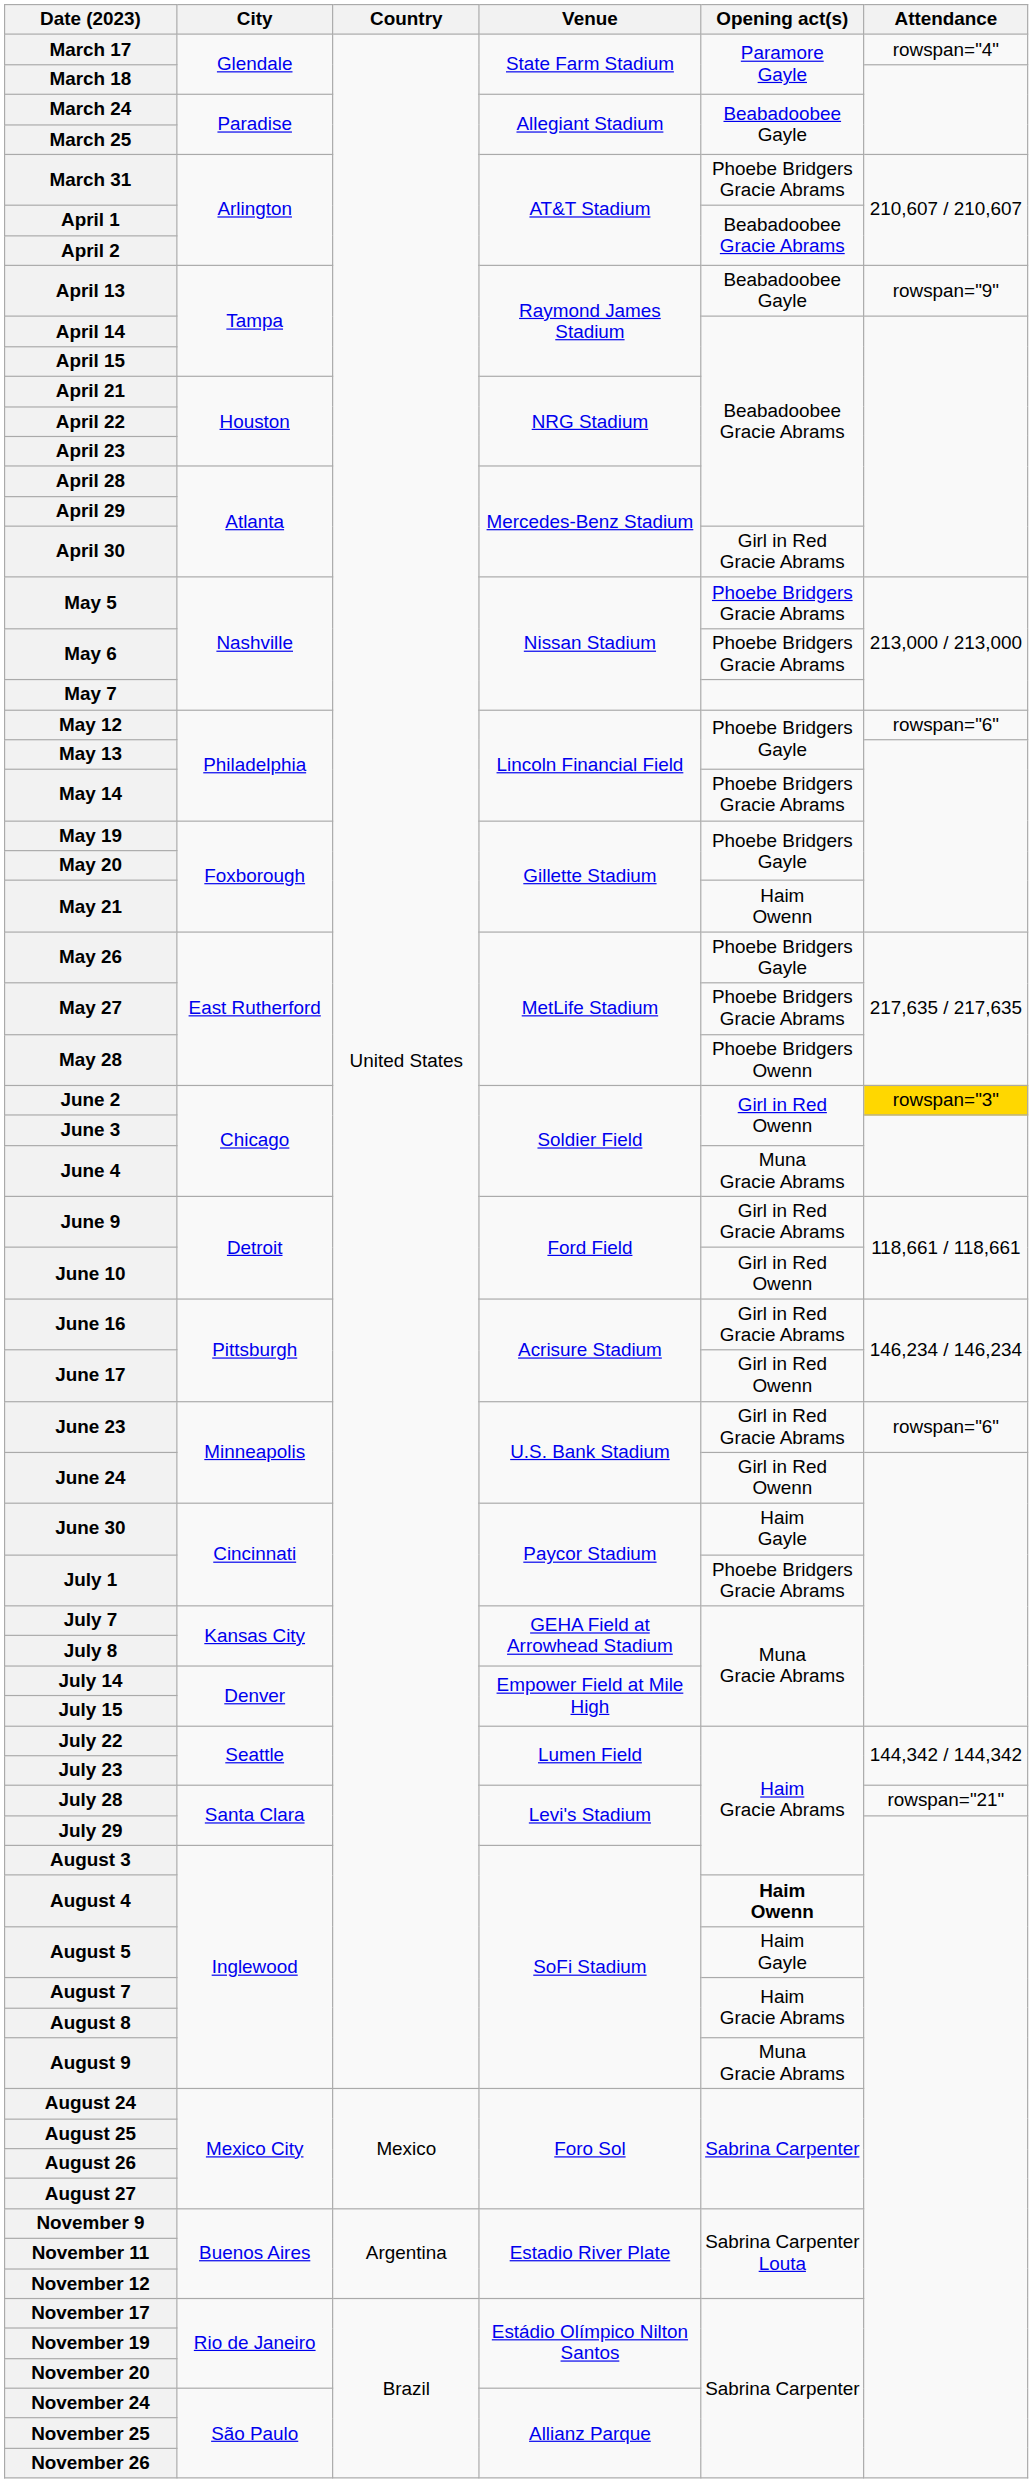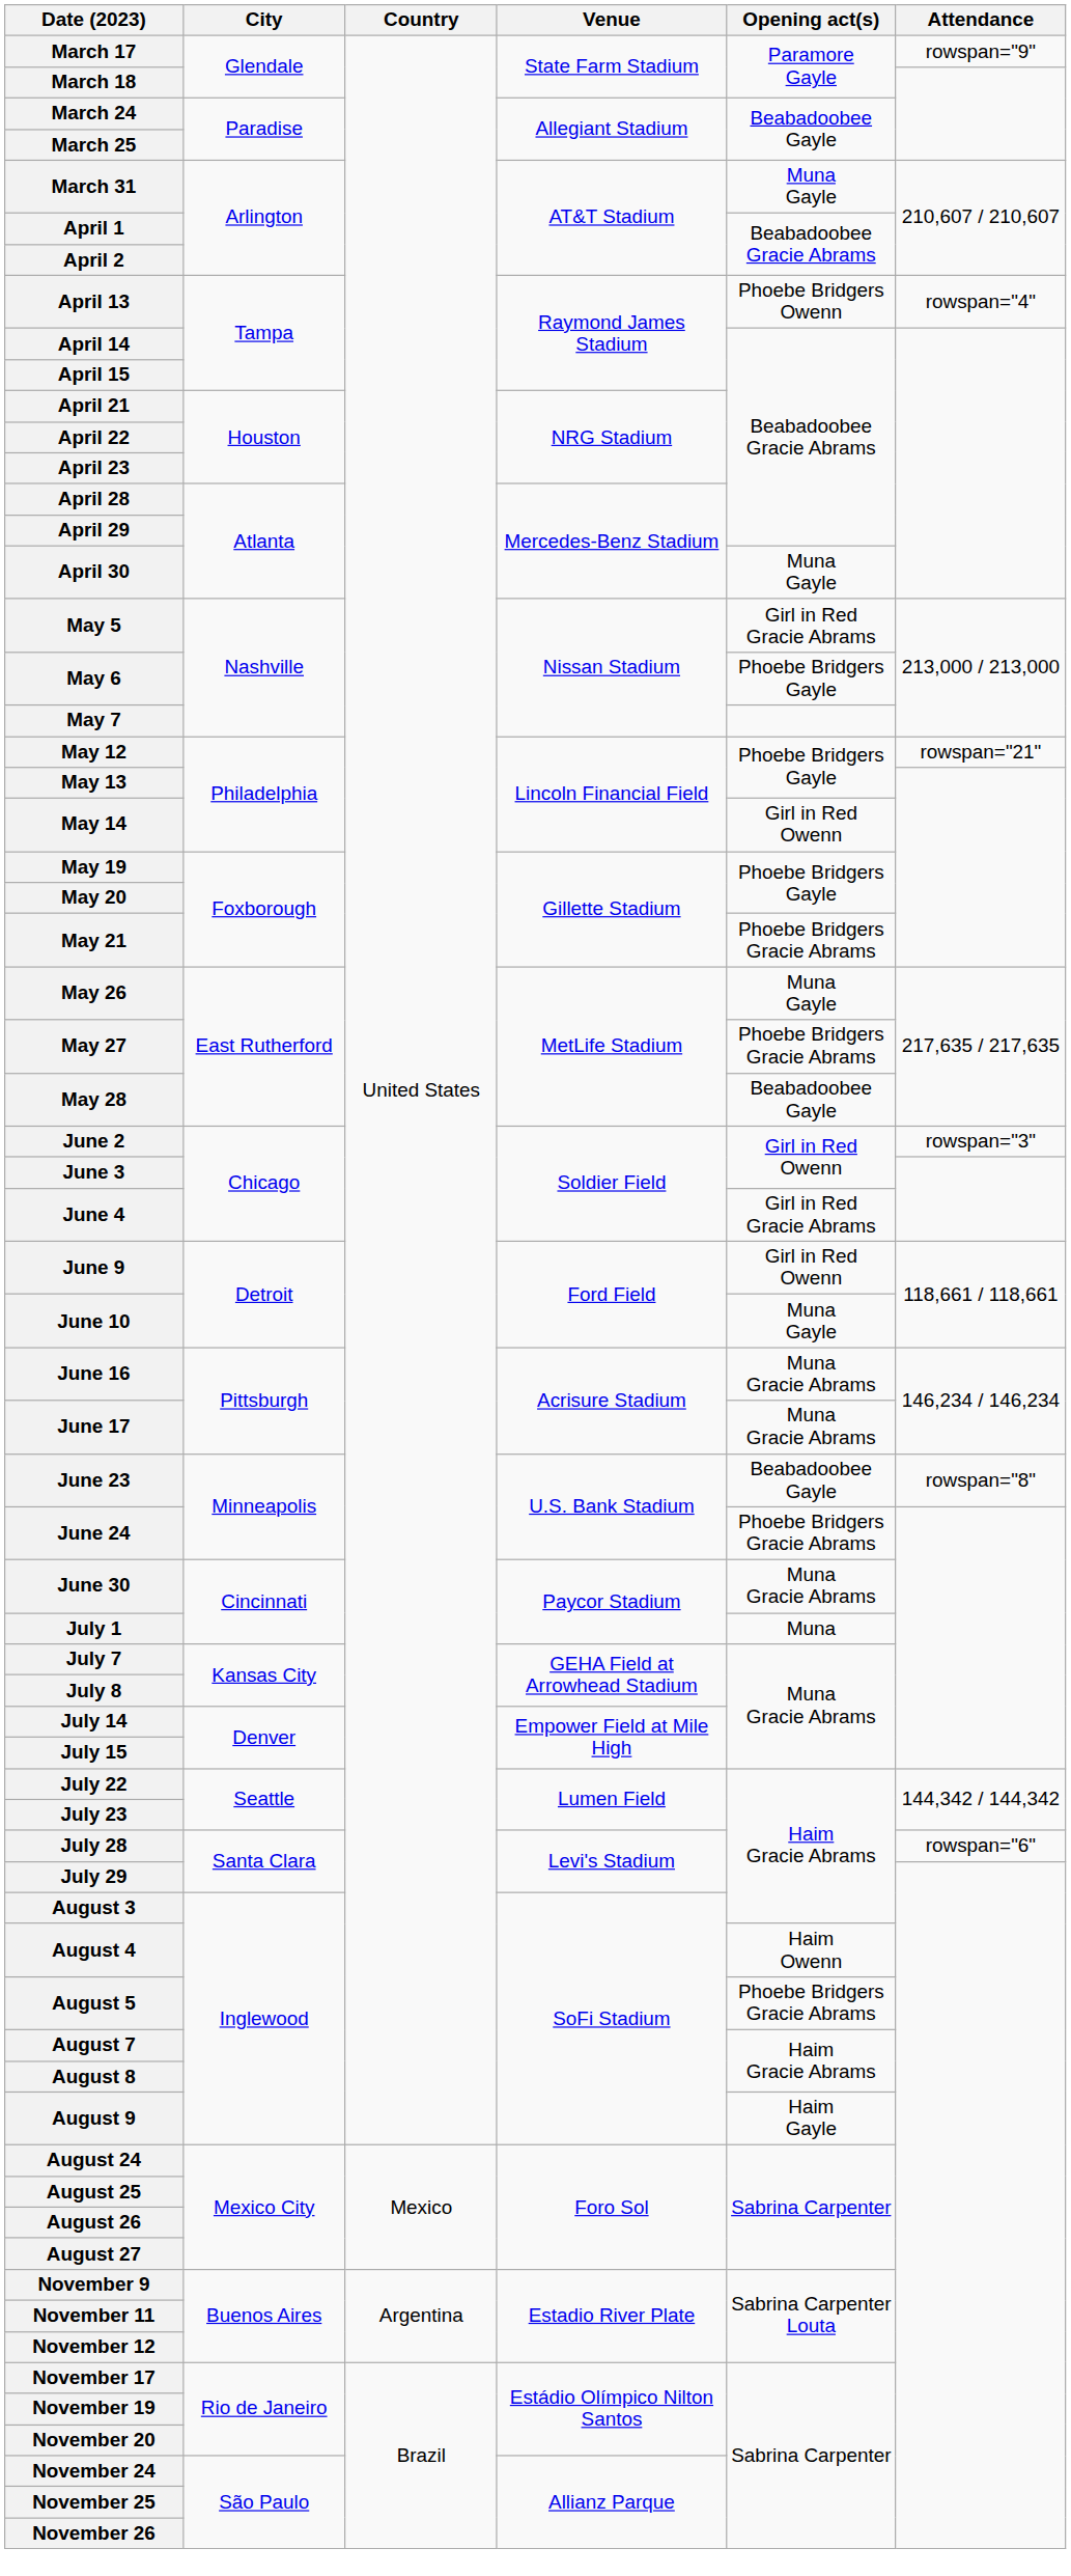 <table class="wikitable plainrowheaders" style="text-align:center;">
 <tr>
 <th scope="col" style="width:12em;">Date (2023)</th>
 <th scope="col" style="width:10em;">City</th>
 <th scope="col" style="width:10em;">Country</th>
 <th scope="col" style="width:17em;">Venue</th>
 <th scope="col" style="width:10em;">Opening act(s)</th>
 <th scope="col" style="width:10em;">Attendance</th>
 </tr>
 <tr>
 <th scope="row" style="text-align:center;">March 17</th>
 <td rowspan="2"><a href='#'>Glendale</a></td>
 <td rowspan="53">United States</td>
 <td rowspan="2"><a href='#'>State Farm Stadium</a></td>
 <td rowspan="2"><a href='#'>Paramore</a><br><a href='#'>Gayle</a></td>
-<td>rowspan="4" </td>
+<td>rowspan="9" </td>
 </tr>
 <tr>
 <th scope="row" style="text-align:center;">March 18</th>
 </tr>
 <tr>
 <th scope="row" style="text-align:center;">March 24</th>
 <td rowspan="2"><a href='#'>Paradise</a></td>
 <td rowspan="2"><a href='#'>Allegiant Stadium</a></td>
 <td rowspan="2"><a href='#'>Beabadoobee</a><br>Gayle</td>
 </tr>
 <tr>
 <th scope="row" style="text-align:center;">March 25</th>
 </tr>
 <tr>
 <th scope="row" style="text-align:center;">March 31</th>
 <td rowspan="3"><a href='#'>Arlington</a></td>
 <td rowspan="3"><a href='#'>AT&T Stadium</a></td>
-<td>Phoebe Bridgers<br>Gracie Abrams</td>
+<td><a href='#'>Muna</a><br>Gayle</td>
 <td rowspan="3">210,607 / 210,607</td>
 </tr>
 <tr>
 <th scope="row" style="text-align:center;">April 1</th>
 <td rowspan="2">Beabadoobee<br><a href='#'>Gracie Abrams</a></td>
 </tr>
 <tr>
 <th scope="row" style="text-align:center;">April 2</th>
 </tr>
 <tr>
 <th scope="row" style="text-align:center;">April 13</th>
 <td rowspan="3"><a href='#'>Tampa</a></td>
 <td rowspan="3"><a href='#'>Raymond James Stadium</a></td>
-<td>Beabadoobee<br>Gayle</td>
-<td>rowspan="9" </td>
+<td>Phoebe Bridgers<br>Owenn</td>
+<td>rowspan="4" </td>
 </tr>
 <tr>
 <th scope="row" style="text-align:center;">April 14</th>
 <td rowspan="7">Beabadoobee<br>Gracie Abrams</td>
 </tr>
 <tr>
 <th scope="row" style="text-align:center;">April 15</th>
 </tr>
 <tr>
 <th scope="row" style="text-align:center;">April 21</th>
 <td rowspan="3"><a href='#'>Houston</a></td>
 <td rowspan="3"><a href='#'>NRG Stadium</a></td>
 </tr>
 <tr>
 <th scope="row" style="text-align:center;">April 22</th>
 </tr>
 <tr>
 <th scope="row" style="text-align:center;">April 23</th>
 </tr>
 <tr>
 <th scope="row" style="text-align:center;">April 28</th>
 <td rowspan="3"><a href='#'>Atlanta</a></td>
 <td rowspan="3"><a href='#'>Mercedes-Benz Stadium</a></td>
 </tr>
 <tr>
 <th scope="row" style="text-align:center;">April 29</th>
 </tr>
 <tr>
 <th scope="row" style="text-align:center;">April 30</th>
-<td>Girl in Red<br>Gracie Abrams</td>
+<td>Muna<br>Gayle</td>
 </tr>
 <tr>
 <th scope="row" style="text-align:center;">May 5</th>
 <td rowspan="3"><a href='#'>Nashville</a></td>
 <td rowspan="3"><a href='#'>Nissan Stadium</a></td>
-<td><a href='#'>Phoebe Bridgers</a><br>Gracie Abrams</td>
+<td>Girl in Red<br>Gracie Abrams</td>
 <td rowspan="3">213,000 / 213,000</td>
 </tr>
 <tr>
 <th scope="row" style="text-align:center;">May 6</th>
-<td>Phoebe Bridgers<br>Gracie Abrams</td>
+<td>Phoebe Bridgers<br>Gayle</td>
 </tr>
 <tr>
 <th scope="row" style="text-align:center;">May 7</th>
 <td></td>
 </tr>
 <tr>
 <th scope="row" style="text-align:center;">May 12</th>
 <td rowspan="3"><a href='#'>Philadelphia</a></td>
 <td rowspan="3"><a href='#'>Lincoln Financial Field</a></td>
 <td rowspan="2">Phoebe Bridgers<br>Gayle</td>
-<td>rowspan="6" </td>
+<td>rowspan="21" </td>
 </tr>
 <tr>
 <th scope="row" style="text-align:center;">May 13</th>
 </tr>
 <tr>
 <th scope="row" style="text-align:center;">May 14</th>
-<td>Phoebe Bridgers<br>Gracie Abrams</td>
+<td>Girl in Red<br>Owenn</td>
 </tr>
 <tr>
 <th scope="row" style="text-align:center;">May 19</th>
 <td rowspan="3"><a href='#'>Foxborough</a></td>
 <td rowspan="3"><a href='#'>Gillette Stadium</a></td>
 <td rowspan="2">Phoebe Bridgers<br>Gayle</td>
 </tr>
 <tr>
 <th scope="row" style="text-align:center;">May 20</th>
 </tr>
 <tr>
 <th scope="row" style="text-align:center;">May 21</th>
-<td>Haim<br>Owenn</td>
+<td>Phoebe Bridgers<br>Gracie Abrams</td>
 </tr>
 <tr>
 <th scope="row" style="text-align:center;">May 26</th>
 <td rowspan="3"><a href='#'>East Rutherford</a></td>
 <td rowspan="3"><a href='#'>MetLife Stadium</a></td>
-<td>Phoebe Bridgers<br>Gayle</td>
+<td>Muna<br>Gayle</td>
 <td rowspan="3">217,635 / 217,635</td>
 </tr>
 <tr>
 <th scope="row" style="text-align:center;">May 27</th>
 <td>Phoebe Bridgers<br>Gracie Abrams</td>
 </tr>
 <tr>
 <th scope="row" style="text-align:center;">May 28</th>
-<td>Phoebe Bridgers<br>Owenn</td>
+<td>Beabadoobee<br>Gayle</td>
 </tr>
 <tr>
 <th scope="row" style="text-align:center;">June 2</th>
 <td rowspan="3"><a href='#'>Chicago</a></td>
 <td rowspan="3"><a href='#'>Soldier Field</a></td>
 <td rowspan="2"><a href='#'>Girl in Red</a><br>Owenn</td>
-<td style="background: gold;">rowspan="3" </td>
+<td>rowspan="3" </td>
 </tr>
 <tr>
 <th scope="row" style="text-align:center;">June 3</th>
 </tr>
 <tr>
 <th scope="row" style="text-align:center;">June 4</th>
-<td>Muna<br>Gracie Abrams</td>
+<td>Girl in Red<br>Gracie Abrams</td>
 </tr>
 <tr>
 <th scope="row" style="text-align:center;">June 9</th>
 <td rowspan="2"><a href='#'>Detroit</a></td>
 <td rowspan="2"><a href='#'>Ford Field</a></td>
-<td>Girl in Red<br>Gracie Abrams</td>
+<td>Girl in Red<br>Owenn</td>
 <td rowspan="2">118,661 / 118,661</td>
 </tr>
 <tr>
 <th scope="row" style="text-align:center;">June 10</th>
-<td>Girl in Red<br>Owenn</td>
+<td>Muna<br>Gayle</td>
 </tr>
 <tr>
 <th scope="row" style="text-align:center;">June 16</th>
 <td rowspan="2"><a href='#'>Pittsburgh</a></td>
 <td rowspan="2"><a href='#'>Acrisure Stadium</a></td>
-<td>Girl in Red<br>Gracie Abrams</td>
+<td>Muna<br>Gracie Abrams</td>
 <td rowspan="2">146,234 / 146,234</td>
 </tr>
 <tr>
 <th scope="row" style="text-align:center;">June 17</th>
-<td>Girl in Red<br>Owenn</td>
+<td>Muna<br>Gracie Abrams</td>
 </tr>
 <tr>
 <th scope="row" style="text-align:center;">June 23</th>
 <td rowspan="2"><a href='#'>Minneapolis</a></td>
 <td rowspan="2"><a href='#'>U.S. Bank Stadium</a></td>
-<td>Girl in Red<br>Gracie Abrams</td>
-<td>rowspan="6" </td>
+<td>Beabadoobee<br>Gayle</td>
+<td>rowspan="8" </td>
 </tr>
 <tr>
 <th scope="row" style="text-align:center;">June 24</th>
-<td>Girl in Red<br>Owenn</td>
+<td>Phoebe Bridgers<br>Gracie Abrams</td>
 </tr>
 <tr>
 <th scope="row" style="text-align:center;">June 30</th>
 <td rowspan="2"><a href='#'>Cincinnati</a></td>
 <td rowspan="2"><a href='#'>Paycor Stadium</a></td>
-<td>Haim<br>Gayle</td>
+<td>Muna<br>Gracie Abrams</td>
 </tr>
 <tr>
 <th scope="row" style="text-align:center;">July 1</th>
-<td>Phoebe Bridgers<br>Gracie Abrams</td>
+<td>Muna</td>
 </tr>
 <tr>
 <th scope="row" style="text-align:center;">July 7</th>
 <td rowspan="2"><a href='#'>Kansas City</a></td>
 <td rowspan="2"><a href='#'>GEHA Field at Arrowhead Stadium</a></td>
 <td rowspan="4">Muna<br>Gracie Abrams</td>
 </tr>
 <tr>
 <th scope="row" style="text-align:center;">July 8</th>
 </tr>
 <tr>
 <th scope="row" style="text-align:center;">July 14</th>
 <td rowspan="2"><a href='#'>Denver</a></td>
 <td rowspan="2"><a href='#'>Empower Field at Mile High</a></td>
 </tr>
 <tr>
 <th scope="row" style="text-align:center;">July 15</th>
 </tr>
 <tr>
 <th scope="row" style="text-align:center;">July 22</th>
 <td rowspan="2"><a href='#'>Seattle</a></td>
 <td rowspan="2"><a href='#'>Lumen Field</a></td>
 <td rowspan="5"><a href='#'>Haim</a><br>Gracie Abrams</td>
 <td rowspan="2">144,342 / 144,342</td>
 </tr>
 <tr>
 <th scope="row" style="text-align:center;">July 23</th>
 </tr>
 <tr>
 <th scope="row" style="text-align:center;">July 28</th>
 <td rowspan="2"><a href='#'>Santa Clara</a></td>
 <td rowspan="2"><a href='#'>Levi's Stadium</a></td>
-<td>rowspan="21" </td>
+<td>rowspan="6" </td>
 </tr>
 <tr>
 <th scope="row" style="text-align:center;">July 29</th>
 </tr>
 <tr>
 <th scope="row" style="text-align:center;">August 3</th>
 <td rowspan="6"><a href='#'>Inglewood</a></td>
 <td rowspan="6"><a href='#'>SoFi Stadium</a></td>
 </tr>
 <tr>
 <th scope="row" style="text-align:center;">August 4</th>
-<td><strong>Haim<br>Owenn</strong></td>
+<td>Haim<br>Owenn</td>
 </tr>
 <tr>
 <th scope="row" style="text-align:center;">August 5</th>
-<td>Haim<br>Gayle</td>
+<td>Phoebe Bridgers<br>Gracie Abrams</td>
 </tr>
 <tr>
 <th scope="row" style="text-align:center;">August 7</th>
 <td rowspan="2">Haim<br>Gracie Abrams</td>
 </tr>
 <tr>
 <th scope="row" style="text-align:center;">August 8</th>
 </tr>
 <tr>
 <th scope="row" style="text-align:center;">August 9</th>
-<td>Muna<br>Gracie Abrams</td>
+<td>Haim<br>Gayle</td>
 </tr>
 <tr>
 <th scope="row" style="text-align:center;">August 24</th>
 <td rowspan="4"><a href='#'>Mexico City</a></td>
 <td rowspan="4">Mexico</td>
 <td rowspan="4"><a href='#'>Foro Sol</a></td>
 <td rowspan="4"><a href='#'>Sabrina Carpenter</a></td>
 </tr>
 <tr>
 <th scope="row" style="text-align:center;">August 25</th>
 </tr>
 <tr>
 <th scope="row" style="text-align:center;">August 26</th>
 </tr>
 <tr>
 <th scope="row" style="text-align:center;">August 27</th>
 </tr>
 <tr>
 <th scope="row" style="text-align:center;">November 9</th>
 <td rowspan="3"><a href='#'>Buenos Aires</a></td>
 <td rowspan="3">Argentina</td>
 <td rowspan="3"><a href='#'>Estadio River Plate</a></td>
 <td rowspan="3">Sabrina Carpenter<br><a href='#'>Louta</a></td>
 </tr>
 <tr>
 <th scope="row" style="text-align:center;">November 11</th>
 </tr>
 <tr>
 <th scope="row" style="text-align:center;">November 12</th>
 </tr>
 <tr>
 <th scope="row" style="text-align:center;">November 17</th>
 <td rowspan="3"><a href='#'>Rio de Janeiro</a></td>
 <td rowspan="6">Brazil</td>
 <td rowspan="3"><a href='#'>Estádio Olímpico Nilton Santos</a></td>
 <td rowspan="6">Sabrina Carpenter</td>
 </tr>
 <tr>
 <th scope="row" style="text-align:center;">November 19</th>
 </tr>
 <tr>
 <th scope="row" style="text-align:center;">November 20</th>
 </tr>
 <tr>
 <th scope="row" style="text-align:center;">November 24</th>
 <td rowspan="3"><a href='#'>São Paulo</a></td>
 <td rowspan="3"><a href='#'>Allianz Parque</a></td>
 </tr>
 <tr>
 <th scope="row" style="text-align:center;">November 25</th>
 </tr>
 <tr>
 <th scope="row" style="text-align:center;">November 26</th>
 </tr>
 </table>
